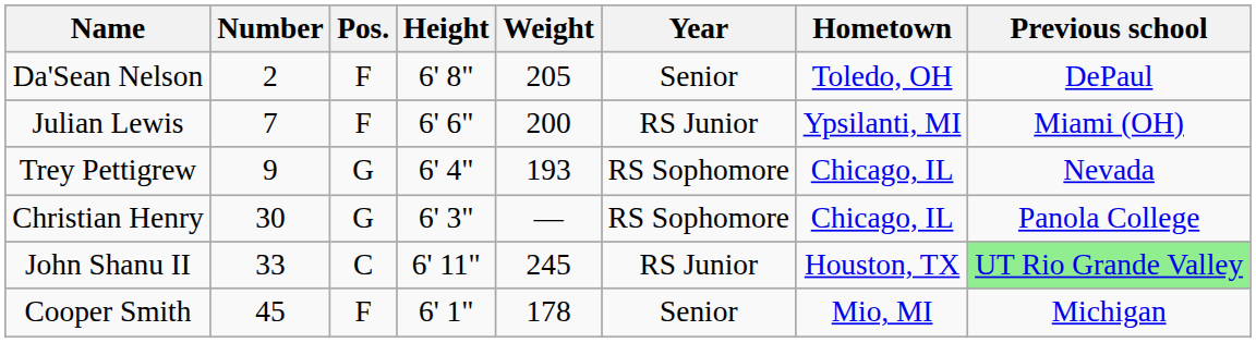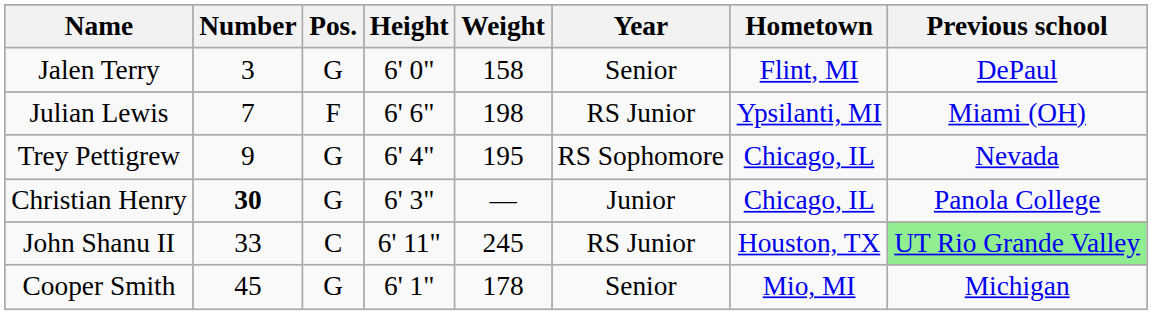 <table class="wikitable sortable" style="text-align:center">
 <tr align=center>
 <th>Name</th>
 <th>Number</th>
 <th>Pos.</th>
 <th>Height</th>
 <th>Weight</th>
 <th>Year</th>
 <th>Hometown</th>
 <th class="unsortable">Previous school</th>
 </tr>
 <tr>
-<td>Da'Sean Nelson</td>
-<td>2</td>
-<td>F</td>
-<td>6' 8"</td>
-<td>205</td>
+<td>Jalen Terry</td>
+<td>3</td>
+<td>G</td>
+<td>6' 0"</td>
+<td>158</td>
 <td>Senior</td>
-<td><a href='#'>Toledo, OH</a></td>
+<td><a href='#'>Flint, MI</a></td>
 <td><a href='#'>DePaul</a></td>
 </tr>
 <tr>
 <td>Julian Lewis</td>
 <td>7</td>
 <td>F</td>
 <td>6' 6"</td>
-<td>200</td>
+<td>198</td>
 <td>RS Junior</td>
 <td><a href='#'>Ypsilanti, MI</a></td>
 <td><a href='#'>Miami (OH)</a></td>
 </tr>
 <tr>
 <td>Trey Pettigrew</td>
 <td>9</td>
 <td>G</td>
 <td>6' 4"</td>
-<td>193</td>
+<td>195</td>
 <td>RS Sophomore</td>
 <td><a href='#'>Chicago, IL</a></td>
 <td><a href='#'>Nevada</a></td>
 </tr>
 <tr>
 <td>Christian Henry</td>
-<td>30</td>
+<td><strong>30</strong></td>
 <td>G</td>
 <td>6' 3"</td>
 <td>—</td>
-<td>RS Sophomore</td>
+<td>Junior</td>
 <td><a href='#'>Chicago, IL</a></td>
 <td><a href='#'>Panola College</a></td>
 </tr>
 <tr>
 <td>John Shanu II</td>
 <td>33</td>
 <td>C</td>
 <td>6' 11"</td>
 <td>245</td>
 <td>RS Junior</td>
 <td><a href='#'>Houston, TX</a></td>
 <td style="background: lightgreen;"><a href='#'>UT Rio Grande Valley</a></td>
 </tr>
 <tr>
 <td>Cooper Smith</td>
 <td>45</td>
-<td>F</td>
+<td>G</td>
 <td>6' 1"</td>
 <td>178</td>
 <td>Senior</td>
 <td><a href='#'>Mio, MI</a></td>
 <td><a href='#'>Michigan</a></td>
 </tr>
 </table>
